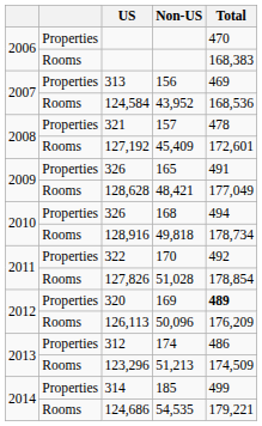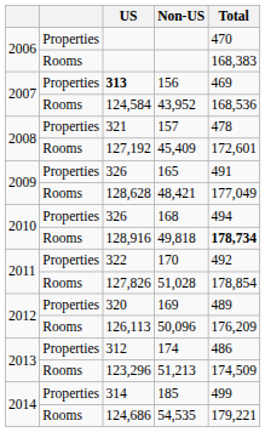 <table class="wikitable mw-collapsible mw-collapsed">
 <tr>
 <th class="unsortable"></th>
 <th></th>
 <th>US</th>
 <th>Non-US</th>
 <th>Total</th>
 </tr>
 <tr>
 <td rowspan=2>2006</td>
 <td>Properties</td>
 <td></td>
 <td></td>
 <td>470</td>
 </tr>
 <tr>
 <td>Rooms</td>
 <td></td>
 <td></td>
 <td>168,383</td>
 </tr>
 <tr>
 <td rowspan=2>2007</td>
 <td>Properties</td>
-<td>313</td>
+<td><strong>313</strong></td>
 <td>156</td>
 <td>469</td>
 </tr>
 <tr>
 <td>Rooms</td>
 <td>124,584</td>
 <td>43,952</td>
 <td>168,536</td>
 </tr>
 <tr>
 <td rowspan=2>2008</td>
 <td>Properties</td>
 <td>321</td>
 <td>157</td>
 <td>478</td>
 </tr>
 <tr>
 <td>Rooms</td>
 <td>127,192</td>
 <td>45,409</td>
 <td>172,601</td>
 </tr>
 <tr>
 <td rowspan=2>2009</td>
 <td>Properties</td>
 <td>326</td>
 <td>165</td>
 <td>491</td>
 </tr>
 <tr>
 <td>Rooms</td>
 <td>128,628</td>
 <td>48,421</td>
 <td>177,049</td>
 </tr>
 <tr>
 <td rowspan=2>2010</td>
 <td>Properties</td>
 <td>326</td>
 <td>168</td>
 <td>494</td>
 </tr>
 <tr>
 <td>Rooms</td>
 <td>128,916</td>
 <td>49,818</td>
-<td>178,734</td>
+<td><strong>178,734</strong></td>
 </tr>
 <tr>
 <td rowspan=2>2011</td>
 <td>Properties</td>
 <td>322</td>
 <td>170</td>
 <td>492</td>
 </tr>
 <tr>
 <td>Rooms</td>
 <td>127,826</td>
 <td>51,028</td>
 <td>178,854</td>
 </tr>
 <tr>
 <td rowspan=2>2012</td>
 <td>Properties</td>
 <td>320</td>
 <td>169</td>
-<td><strong>489</strong></td>
+<td>489</td>
 </tr>
 <tr>
 <td>Rooms</td>
 <td>126,113</td>
 <td>50,096</td>
 <td>176,209</td>
 </tr>
 <tr>
 <td rowspan=2>2013</td>
 <td>Properties</td>
 <td>312</td>
 <td>174</td>
 <td>486</td>
 </tr>
 <tr>
 <td>Rooms</td>
 <td>123,296</td>
 <td>51,213</td>
 <td>174,509</td>
 </tr>
 <tr>
 <td rowspan=2>2014</td>
 <td>Properties</td>
 <td>314</td>
 <td>185</td>
 <td>499</td>
 </tr>
 <tr>
 <td>Rooms</td>
 <td>124,686</td>
 <td>54,535</td>
 <td>179,221</td>
 </tr>
 </table>
